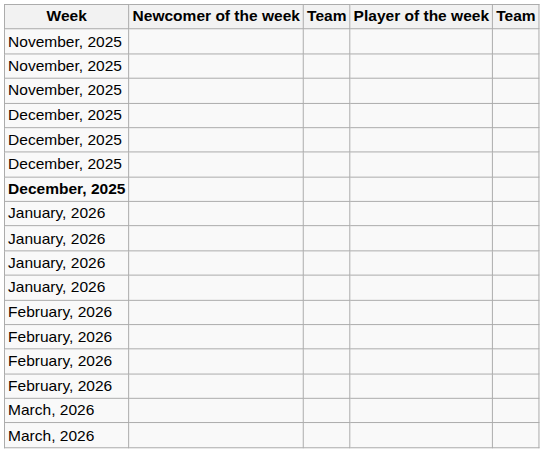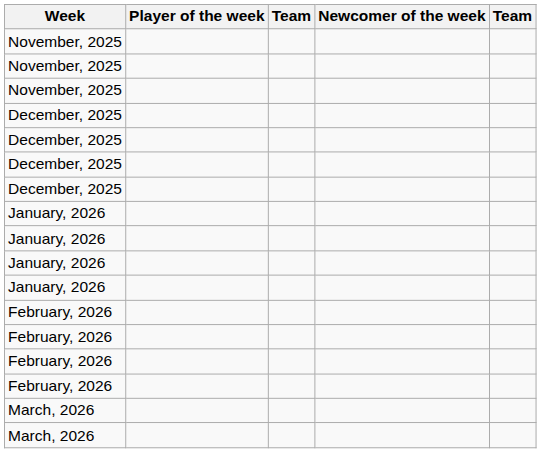 <table class="wikitable" border="1">
 <tr>
 <th>Week</th>
+<th>Player of the week</th>
+<th>Team</th>
 <th>Newcomer of the week</th>
-<th>Team</th>
-<th>Player of the week</th>
 <th>Team</th>
 </tr>
 <tr>
 <td>November, 2025</td>
 <td></td>
 <td></td>
 <td></td>
 <td></td>
 </tr>
 <tr>
 <td>November, 2025</td>
 <td></td>
 <td></td>
 <td></td>
 <td></td>
 </tr>
 <tr>
 <td>November, 2025</td>
 <td></td>
 <td></td>
 <td></td>
 <td></td>
 </tr>
 <tr>
 <td>December, 2025</td>
 <td></td>
 <td></td>
 <td></td>
 <td></td>
 </tr>
 <tr>
 <td>December, 2025</td>
 <td></td>
 <td></td>
 <td></td>
 <td></td>
 </tr>
 <tr>
 <td>December, 2025</td>
 <td></td>
 <td></td>
 <td></td>
 <td></td>
 </tr>
 <tr>
-<td><strong>December, 2025</strong></td>
+<td>December, 2025</td>
 <td></td>
 <td></td>
 <td></td>
 <td></td>
 </tr>
 <tr>
 <td>January, 2026</td>
 <td></td>
 <td></td>
 <td></td>
 <td></td>
 </tr>
 <tr>
 <td>January, 2026</td>
 <td></td>
 <td></td>
 <td></td>
 <td></td>
 </tr>
 <tr>
 <td>January, 2026</td>
 <td></td>
 <td></td>
 <td></td>
 <td></td>
 </tr>
 <tr>
 <td>January, 2026</td>
 <td></td>
 <td></td>
 <td></td>
 <td></td>
 </tr>
 <tr>
 <td>February, 2026</td>
 <td></td>
 <td></td>
 <td></td>
 <td></td>
 </tr>
 <tr>
 <td>February, 2026</td>
 <td></td>
 <td></td>
 <td></td>
 <td></td>
 </tr>
 <tr>
 <td>February, 2026</td>
 <td></td>
 <td></td>
 <td></td>
 <td></td>
 </tr>
 <tr>
 <td>February, 2026</td>
 <td></td>
 <td></td>
 <td></td>
 <td></td>
 </tr>
 <tr>
 <td>March, 2026</td>
 <td></td>
 <td></td>
 <td></td>
 <td></td>
 </tr>
 <tr>
 <td>March, 2026</td>
 <td></td>
 <td></td>
 <td></td>
 <td></td>
 </tr>
 </table>
